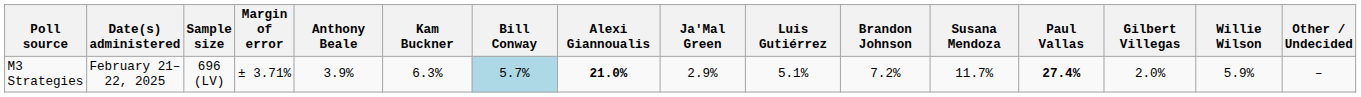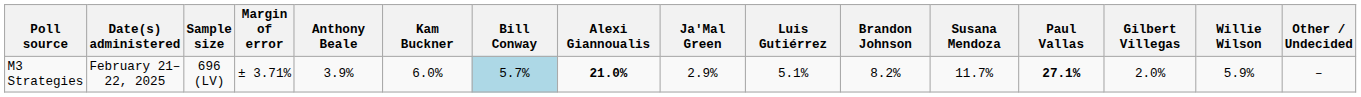 <table class="wikitable" style="font-size:90%;text-align:center;">
 <tr valign=bottom>
 <th>Poll source</th>
 <th>Date(s)<br>administered</th>
 <th>Sample<br>size</th>
 <th>Margin<br>of error</th>
 <th style="width:100px;">Anthony Beale</th>
 <th style="width:100px;">Kam Buckner</th>
 <th style="width:100px;">Bill Conway</th>
 <th style="width:100px;">Alexi Giannoualis</th>
 <th style="width:100px;">Ja'Mal Green</th>
 <th style="width:100px;">Luis Gutiérrez</th>
 <th style="width:100px;">Brandon Johnson</th>
 <th style="width:100px;">Susana Mendoza</th>
 <th style="width:100px;">Paul Vallas</th>
 <th style="width:100px;">Gilbert Villegas</th>
 <th style="width:100px;">Willie Wilson</th>
 <th>Other /<br>Undecided</th>
 </tr>
 <tr>
 <td style="text-align:left;">M3 Strategies</td>
 <td>February 21–22, 2025</td>
 <td>696 (LV)</td>
 <td>± 3.71%</td>
 <td>3.9%</td>
-<td>6.3%</td>
+<td>6.0%</td>
 <td style="background: lightblue;">5.7%</td>
 <td style="background-color:"><strong>21.0%</strong></td>
 <td>2.9%</td>
 <td>5.1%</td>
-<td>7.2%</td>
+<td>8.2%</td>
 <td>11.7%</td>
-<td style="background-color:"><strong>27.4%</strong></td>
+<td style="background-color:"><strong>27.1%</strong></td>
 <td>2.0%</td>
 <td>5.9%</td>
 <td>–</td>
 </tr>
 </table>
